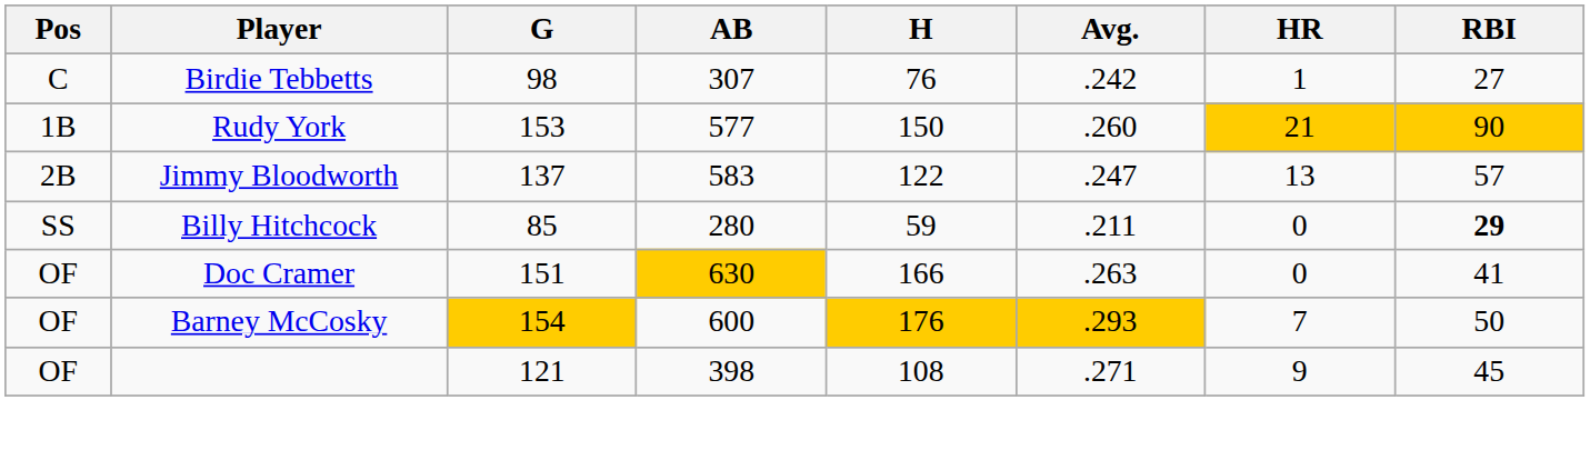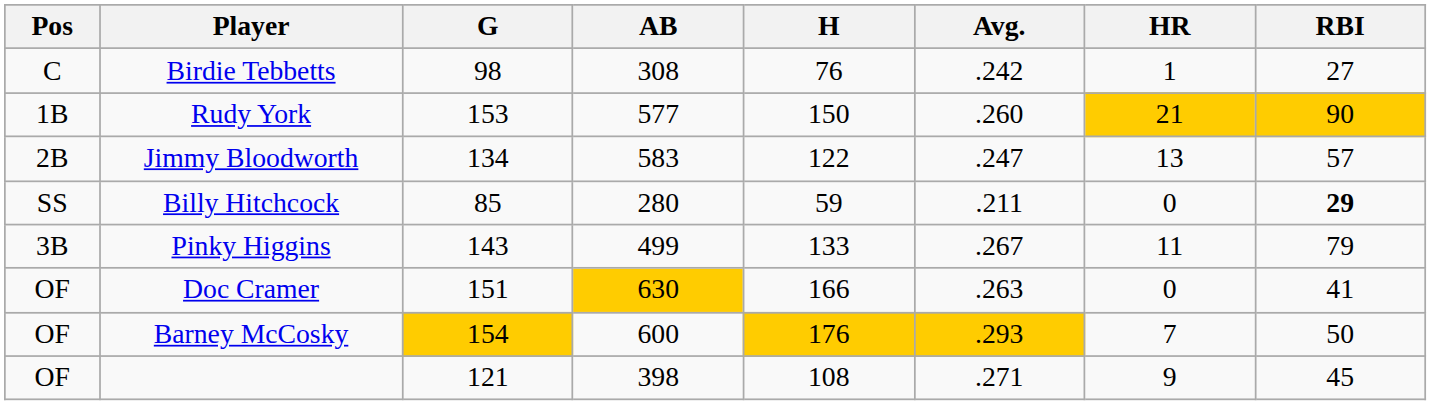 <table class="wikitable sortable">
 <tr>
 <th bgcolor="#DDDDFF" width="5%">Pos</th>
 <th bgcolor="#DDDDFF" width="16%">Player</th>
 <th bgcolor="#DDDDFF" width="9%">G</th>
 <th bgcolor="#DDDDFF" width="9%">AB</th>
 <th bgcolor="#DDDDFF" width="9%">H</th>
 <th bgcolor="#DDDDFF" width="9%">Avg.</th>
 <th bgcolor="#DDDDFF" width="9%">HR</th>
 <th bgcolor="#DDDDFF" width="9%">RBI</th>
 </tr>
 <tr align="center">
 <td>C</td>
 <td><a href='#'>Birdie Tebbetts</a></td>
 <td>98</td>
-<td>307</td>
+<td>308</td>
 <td>76</td>
 <td>.242</td>
 <td>1</td>
 <td>27</td>
 </tr>
 <tr align=center>
 <td>1B</td>
 <td><a href='#'>Rudy York</a></td>
 <td>153</td>
 <td>577</td>
 <td>150</td>
 <td>.260</td>
 <td style="background:#fc0;">21</td>
 <td style="background:#fc0;">90</td>
 </tr>
 <tr align=center>
 <td>2B</td>
 <td><a href='#'>Jimmy Bloodworth</a></td>
-<td>137</td>
+<td>134</td>
 <td>583</td>
 <td>122</td>
 <td>.247</td>
 <td>13</td>
 <td>57</td>
 </tr>
 <tr align=center>
 <td>SS</td>
 <td><a href='#'>Billy Hitchcock</a></td>
 <td>85</td>
 <td>280</td>
 <td>59</td>
 <td>.211</td>
 <td>0</td>
 <td><strong>29</strong></td>
+</tr>
+<tr align=center>
+<td>3B</td>
+<td><a href='#'>Pinky Higgins</a></td>
+<td>143</td>
+<td>499</td>
+<td>133</td>
+<td>.267</td>
+<td>11</td>
+<td>79</td>
 </tr>
 <tr align=center>
 <td>OF</td>
 <td><a href='#'>Doc Cramer</a></td>
 <td>151</td>
 <td style="background:#fc0;">630</td>
 <td>166</td>
 <td>.263</td>
 <td>0</td>
 <td>41</td>
 </tr>
 <tr align=center>
 <td>OF</td>
 <td><a href='#'>Barney McCosky</a></td>
 <td style="background:#fc0;">154</td>
 <td>600</td>
 <td style="background:#fc0;">176</td>
 <td style="background:#fc0;">.293</td>
 <td>7</td>
 <td>50</td>
 </tr>
 <tr align=center>
 <td>OF</td>
 <td></td>
 <td>121</td>
 <td>398</td>
 <td>108</td>
 <td>.271</td>
 <td>9</td>
 <td>45</td>
 </tr>
 </table>
